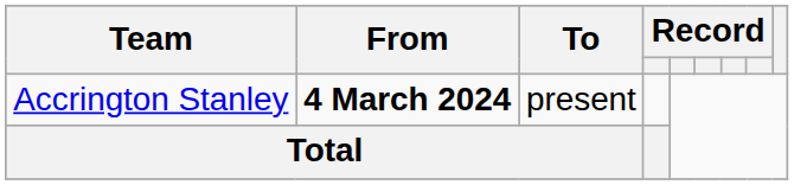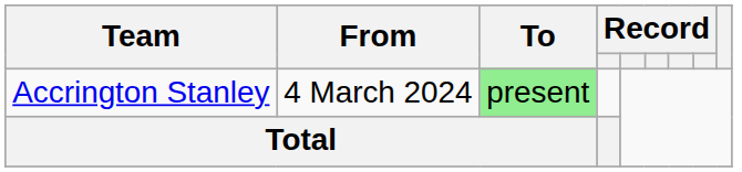 <table class=wikitable style="text-align: center">
 <tr>
 <th rowspan=2>Team</th>
 <th rowspan=2>From</th>
 <th rowspan=2>To</th>
 <th colspan=5>Record</th>
 <th rowspan="2"></th>
 </tr>
 <tr>
 <th></th>
 <th></th>
 <th></th>
 <th></th>
 <th></th>
 </tr>
 <tr>
 <td align=left><a href='#'>Accrington Stanley</a></td>
-<td align=left><strong>4 March 2024</strong></td>
-<td align=left>present<br></td>
+<td align=left>4 March 2024</td>
+<td align=left style="background: lightgreen;">present<br></td>
 <td></td>
 </tr>
 <tr>
 <th colspan=3>Total<br></th>
 <th></th>
 </tr>
 </table>
